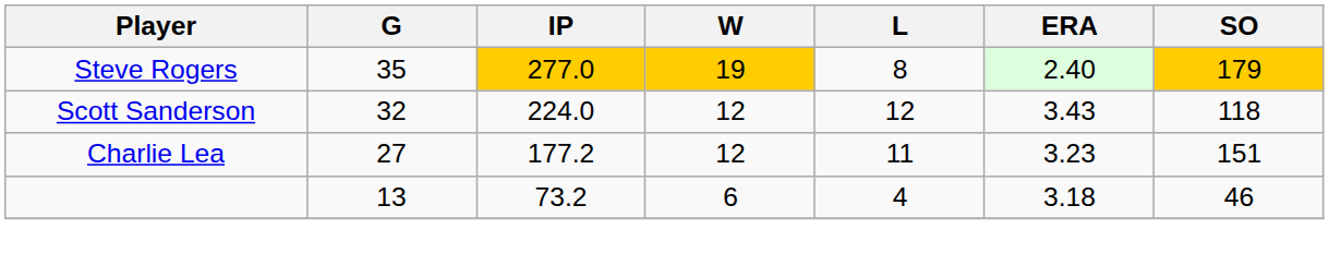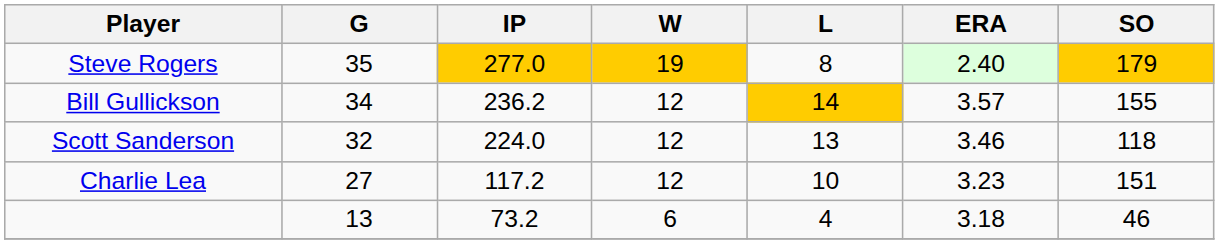 <table class="wikitable sortable">
 <tr>
 <th bgcolor="#DDDDFF" width="16%">Player</th>
 <th bgcolor="#DDDDFF" width="9%">G</th>
 <th bgcolor="#DDDDFF" width="9%">IP</th>
 <th bgcolor="#DDDDFF" width="9%">W</th>
 <th bgcolor="#DDDDFF" width="9%">L</th>
 <th bgcolor="#DDDDFF" width="9%">ERA</th>
 <th bgcolor="#DDDDFF" width="9%">SO</th>
 </tr>
 <tr align="center">
 <td><a href='#'>Steve Rogers</a></td>
 <td>35</td>
 <td style="background:#fc0;">277.0</td>
 <td style="background:#fc0;">19</td>
 <td>8</td>
 <td style="background:#DDFFDD;">2.40</td>
 <td style="background:#fc0;">179</td>
 </tr>
 <tr align="center">
+<td><a href='#'>Bill Gullickson</a></td>
+<td>34</td>
+<td>236.2</td>
+<td>12</td>
+<td style="background:#fc0;">14</td>
+<td>3.57</td>
+<td>155</td>
+</tr>
+<tr align="center">
 <td><a href='#'>Scott Sanderson</a></td>
 <td>32</td>
 <td>224.0</td>
 <td>12</td>
-<td>12</td>
-<td>3.43</td>
+<td>13</td>
+<td>3.46</td>
 <td>118</td>
 </tr>
 <tr align="center">
 <td><a href='#'>Charlie Lea</a></td>
 <td>27</td>
-<td>177.2</td>
+<td>117.2</td>
 <td>12</td>
-<td>11</td>
+<td>10</td>
 <td>3.23</td>
 <td>151</td>
 </tr>
 <tr align="center">
 <td></td>
 <td>13</td>
 <td>73.2</td>
 <td>6</td>
 <td>4</td>
 <td>3.18</td>
 <td>46</td>
 </tr>
 <tr align="center">
 </tr>
 </table>
